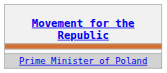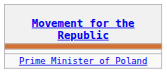 <table class="wikitable" style="font-size:90%; text-align:center;">
 <tr>
 <td style="background:#f1f1f1;" colspan="30"><br><big><strong><a href='#'>Movement for the Republic</a></strong></big></td>
 </tr>
 <tr>
 <th style="width:3em; font-size:135%; background:#D47034 ; width:200px;"><a href='#'></a></th>
 </tr>
 <tr>
 <td style="text-align:center"></td>
 </tr>
 <tr>
-<td style="background: lightgrey;"><a href='#'>Prime Minister of Poland</a><br></td>
+<td><a href='#'>Prime Minister of Poland</a><br></td>
 </tr>
 </table>
